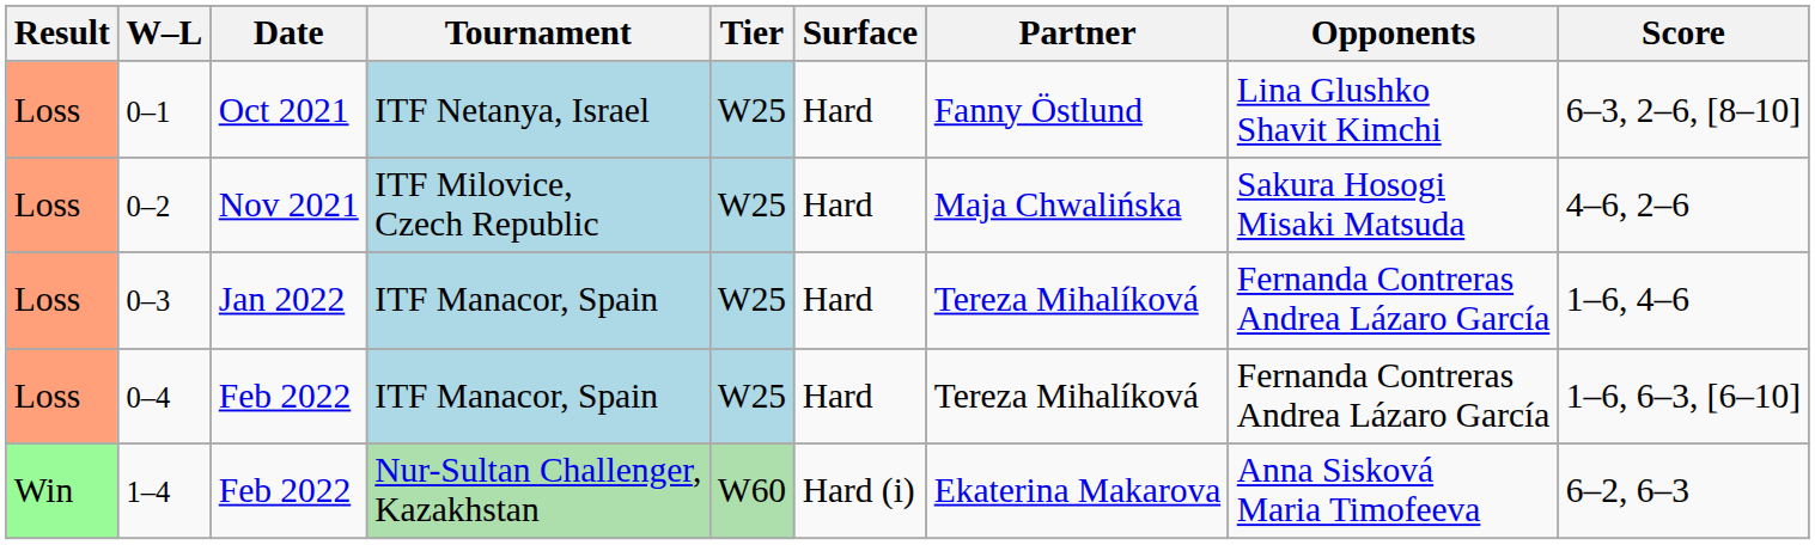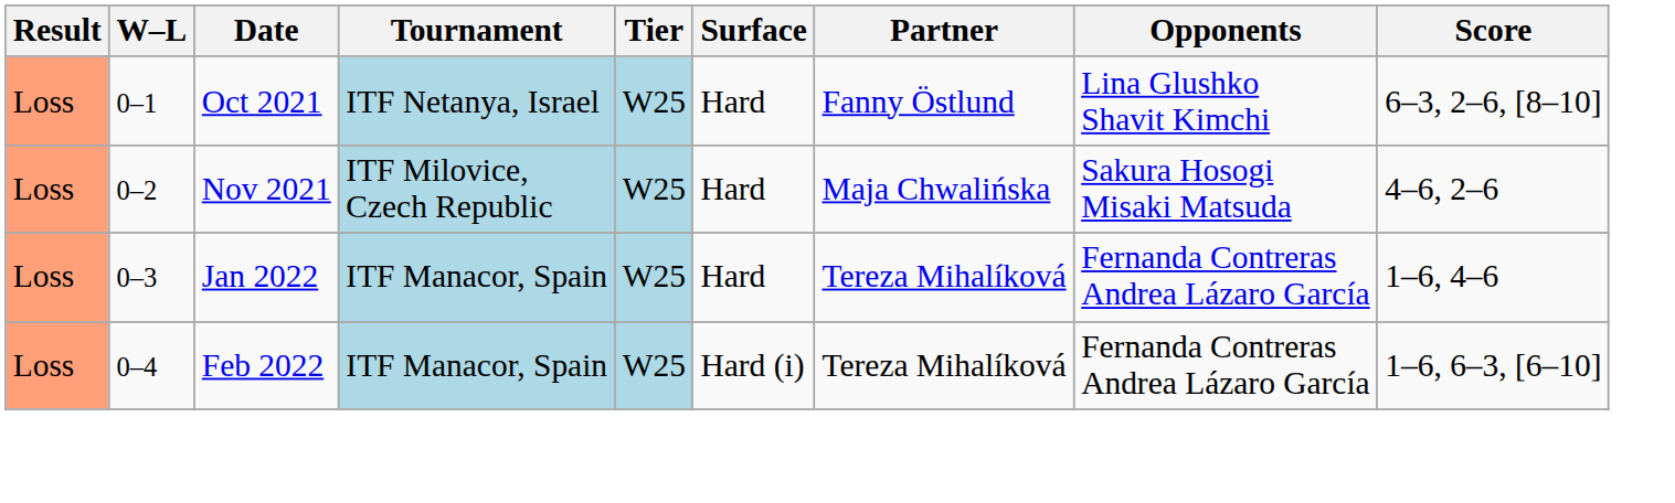 <table class="sortable wikitable">
 <tr>
 <th>Result</th>
 <th class="unsortable">W–L</th>
 <th>Date</th>
 <th>Tournament</th>
 <th>Tier</th>
 <th>Surface</th>
 <th>Partner</th>
 <th>Opponents</th>
 <th class="unsortable">Score</th>
 </tr>
 <tr>
 <td style="background:#ffa07a;">Loss</td>
 <td><small>0–1</small></td>
 <td><a href='#'>Oct 2021</a></td>
 <td style="background:lightblue;">ITF Netanya, Israel</td>
 <td style="background:lightblue;">W25</td>
 <td>Hard</td>
 <td> <a href='#'>Fanny Östlund</a></td>
 <td> <a href='#'>Lina Glushko</a> <br>  <a href='#'>Shavit Kimchi</a></td>
 <td>6–3, 2–6, [8–10]</td>
 </tr>
 <tr>
 <td style="background:#ffa07a;">Loss</td>
 <td><small>0–2</small></td>
 <td><a href='#'>Nov 2021</a></td>
 <td style="background:lightblue;">ITF Milovice, <br>Czech Republic</td>
 <td style="background:lightblue;">W25</td>
 <td>Hard</td>
 <td> <a href='#'>Maja Chwalińska</a></td>
 <td> <a href='#'>Sakura Hosogi</a> <br>  <a href='#'>Misaki Matsuda</a></td>
 <td>4–6, 2–6</td>
 </tr>
 <tr>
 <td style="background:#ffa07a;">Loss</td>
 <td><small>0–3</small></td>
 <td><a href='#'>Jan 2022</a></td>
 <td bgcolor=lightblue>ITF Manacor, Spain</td>
 <td bgcolor=lightblue>W25</td>
 <td>Hard</td>
 <td> <a href='#'>Tereza Mihalíková</a></td>
 <td> <a href='#'>Fernanda Contreras</a> <br>  <a href='#'>Andrea Lázaro García</a></td>
 <td>1–6, 4–6</td>
 </tr>
 <tr>
 <td style="background:#ffa07a;">Loss</td>
 <td><small>0–4</small></td>
 <td><a href='#'>Feb 2022</a></td>
 <td bgcolor=lightblue>ITF Manacor, Spain</td>
 <td bgcolor=lightblue>W25</td>
-<td>Hard</td>
+<td>Hard (i)</td>
 <td> Tereza Mihalíková</td>
 <td> Fernanda Contreras <br>  Andrea Lázaro García</td>
 <td>1–6, 6–3, [6–10]</td>
 </tr>
-<tr>
-<td style="background:#98fb98;">Win</td>
-<td><small>1–4</small></td>
-<td><a href='#'>Feb 2022</a></td>
-<td style="background:#addfad"><a href='#'>Nur-Sultan Challenger</a>, <br>Kazakhstan</td>
-<td style="background:#addfad">W60</td>
-<td>Hard (i)</td>
-<td> <a href='#'>Ekaterina Makarova</a></td>
-<td> <a href='#'>Anna Sisková</a> <br>  <a href='#'>Maria Timofeeva</a></td>
-<td>6–2, 6–3</td>
-</tr>
 </table>
